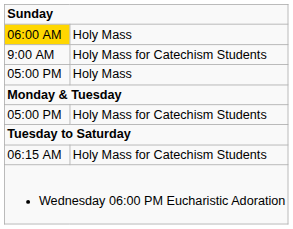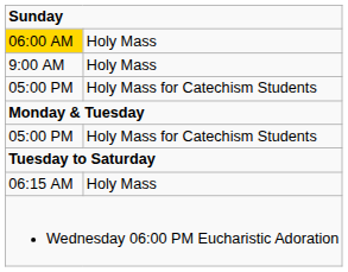 <table class="wikitable">
 <tr>
 <td colspan="2"><strong>Sunday</strong></td>
 </tr>
 <tr>
 <td style="background: gold;">06:00 AM</td>
 <td>Holy Mass</td>
 </tr>
 <tr>
 <td>9:00 AM</td>
-<td>Holy Mass for Catechism Students</td>
+<td>Holy Mass</td>
 </tr>
 <tr>
 <td>05:00 PM</td>
-<td>Holy Mass</td>
+<td>Holy Mass for Catechism Students</td>
 </tr>
 <tr>
 <td colspan="2"><strong>Monday & Tuesday</strong></td>
 </tr>
 <tr>
 <td>05:00 PM</td>
 <td>Holy Mass for Catechism Students</td>
 </tr>
 <tr>
 <td colspan="2"><strong>Tuesday to Saturday</strong></td>
 </tr>
 <tr>
 <td>06:15 AM</td>
-<td>Holy Mass for Catechism Students</td>
+<td>Holy Mass</td>
 </tr>
 <tr>
 <td colspan="2"><br><ul><li>Wednesday 06:00 PM Eucharistic Adoration</li></ul></td>
 </tr>
 </table>
